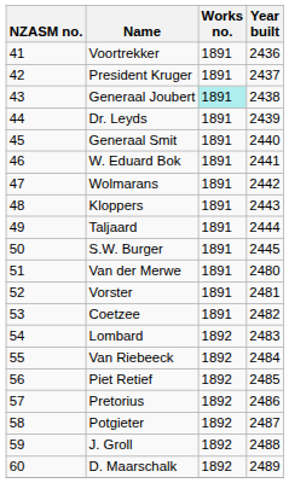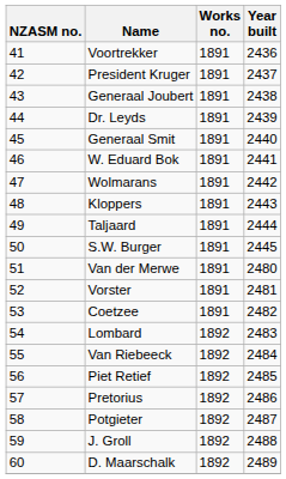 <table class="wikitable collapsible collapsed sortable" style="margin:0.5em auto; font-size:100%;">
 <tr>
 <th><br>NZASM no.</th>
 <th><br>Name</th>
 <th>Works<br>no.</th>
 <th>Year<br>built</th>
 </tr>
 <tr>
 <td>41</td>
 <td>Voortrekker</td>
 <td>1891</td>
 <td>2436</td>
 </tr>
 <tr>
 <td>42</td>
 <td>President Kruger</td>
 <td>1891</td>
 <td>2437</td>
 </tr>
 <tr>
 <td>43</td>
 <td>Generaal Joubert</td>
-<td style="background: paleturquoise;">1891</td>
+<td>1891</td>
 <td>2438</td>
 </tr>
 <tr>
 <td>44</td>
 <td>Dr. Leyds</td>
 <td>1891</td>
 <td>2439</td>
 </tr>
 <tr>
 <td>45</td>
 <td>Generaal Smit</td>
 <td>1891</td>
 <td>2440</td>
 </tr>
 <tr>
 <td>46</td>
 <td>W. Eduard Bok</td>
 <td>1891</td>
 <td>2441</td>
 </tr>
 <tr>
 <td>47</td>
 <td>Wolmarans</td>
 <td>1891</td>
 <td>2442</td>
 </tr>
 <tr>
 <td>48</td>
 <td>Kloppers</td>
 <td>1891</td>
 <td>2443</td>
 </tr>
 <tr>
 <td>49</td>
 <td>Taljaard</td>
 <td>1891</td>
 <td>2444</td>
 </tr>
 <tr>
 <td>50</td>
 <td>S.W. Burger</td>
 <td>1891</td>
 <td>2445</td>
 </tr>
 <tr>
 <td>51</td>
 <td>Van der Merwe</td>
 <td>1891</td>
 <td>2480</td>
 </tr>
 <tr>
 <td>52</td>
 <td>Vorster</td>
 <td>1891</td>
 <td>2481</td>
 </tr>
 <tr>
 <td>53</td>
 <td>Coetzee</td>
 <td>1891</td>
 <td>2482</td>
 </tr>
 <tr>
 <td>54</td>
 <td>Lombard</td>
 <td>1892</td>
 <td>2483</td>
 </tr>
 <tr>
 <td>55</td>
 <td>Van Riebeeck</td>
 <td>1892</td>
 <td>2484</td>
 </tr>
 <tr>
 <td>56</td>
 <td>Piet Retief</td>
 <td>1892</td>
 <td>2485</td>
 </tr>
 <tr>
 <td>57</td>
 <td>Pretorius</td>
 <td>1892</td>
 <td>2486</td>
 </tr>
 <tr>
 <td>58</td>
 <td>Potgieter</td>
 <td>1892</td>
 <td>2487</td>
 </tr>
 <tr>
 <td>59</td>
 <td>J. Groll</td>
 <td>1892</td>
 <td>2488</td>
 </tr>
 <tr>
 <td>60</td>
 <td>D. Maarschalk</td>
 <td>1892</td>
 <td>2489</td>
 </tr>
 <tr>
 </tr>
 </table>
